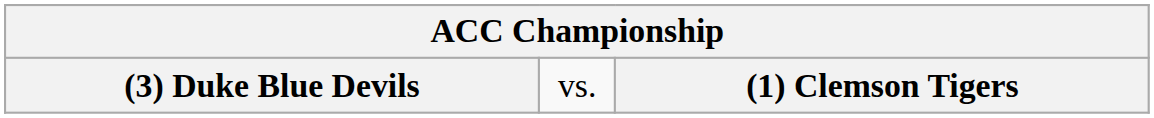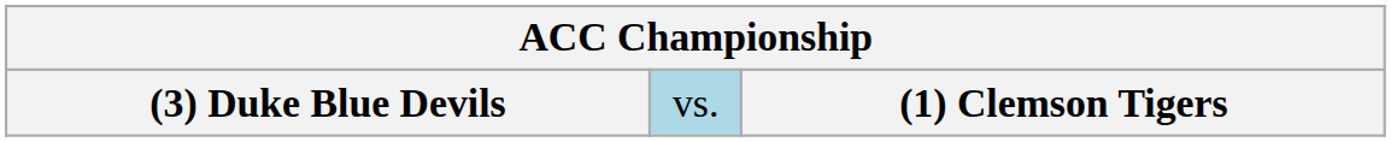 <table class="wikitable">
 <tr>
 <th style="width: 535px;" colspan=3>ACC Championship</th>
 </tr>
 <tr>
 <th style="width: 219px; ">(3) Duke Blue Devils</th>
-<td style="width: 25px; text-align:center">vs.</td>
+<td style="background: lightblue; width: 25px; text-align:center">vs.</td>
 <th style="width: 219px; ">(1) Clemson Tigers</th>
 </tr>
 </table>
